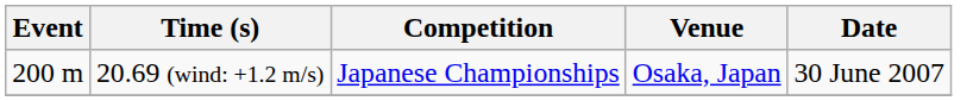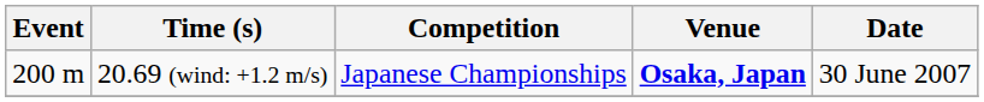 <table class="wikitable" style=text-align:center>
 <tr>
 <th>Event</th>
 <th>Time (s)</th>
 <th>Competition</th>
 <th>Venue</th>
 <th>Date</th>
 </tr>
 <tr>
 <td>200 m</td>
 <td>20.69 <small>(wind: +1.2 m/s)</small></td>
 <td><a href='#'>Japanese Championships</a></td>
-<td><a href='#'>Osaka, Japan</a></td>
+<td><strong><a href='#'>Osaka, Japan</a></strong></td>
 <td>30 June 2007</td>
 </tr>
 <tr>
 </tr>
 </table>
